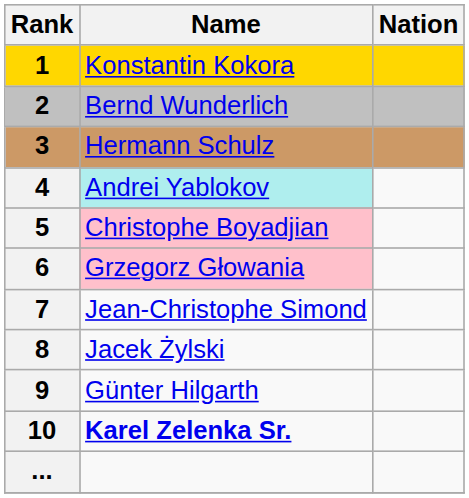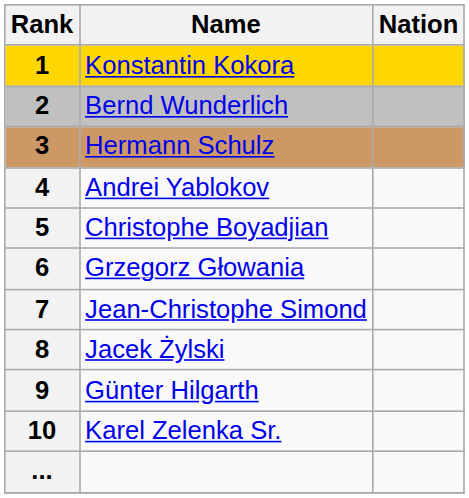 <table class="wikitable">
 <tr>
 <th>Rank</th>
 <th>Name</th>
 <th>Nation</th>
 </tr>
 <tr bgcolor="gold">
 <td align="center"><strong>1</strong></td>
 <td><a href='#'>Konstantin Kokora</a></td>
 <td></td>
 </tr>
 <tr bgcolor="silver">
 <td align="center"><strong>2</strong></td>
 <td><a href='#'>Bernd Wunderlich</a></td>
 <td></td>
 </tr>
 <tr bgcolor="cc9966">
 <td align="center"><strong>3</strong></td>
 <td><a href='#'>Hermann Schulz</a></td>
 <td></td>
 </tr>
 <tr>
 <th>4</th>
-<td style="background: paleturquoise;"><a href='#'>Andrei Yablokov</a></td>
+<td><a href='#'>Andrei Yablokov</a></td>
 <td></td>
 </tr>
 <tr>
 <th>5</th>
-<td style="background: pink;"><a href='#'>Christophe Boyadjian</a></td>
+<td><a href='#'>Christophe Boyadjian</a></td>
 <td></td>
 </tr>
 <tr>
 <th>6</th>
-<td style="background: pink;"><a href='#'>Grzegorz Głowania</a></td>
+<td><a href='#'>Grzegorz Głowania</a></td>
 <td></td>
 </tr>
 <tr>
 <th>7</th>
 <td><a href='#'>Jean-Christophe Simond</a></td>
 <td></td>
 </tr>
 <tr>
 <th>8</th>
 <td><a href='#'>Jacek Żylski</a></td>
 <td></td>
 </tr>
 <tr>
 <th>9</th>
 <td><a href='#'>Günter Hilgarth</a></td>
 <td></td>
 </tr>
 <tr>
 <th>10</th>
-<td><strong><a href='#'>Karel Zelenka Sr.</a></strong></td>
+<td><a href='#'>Karel Zelenka Sr.</a></td>
 <td></td>
 </tr>
 <tr>
 <th>...</th>
 <td></td>
 <td></td>
 </tr>
 <tr>
 </tr>
 </table>
